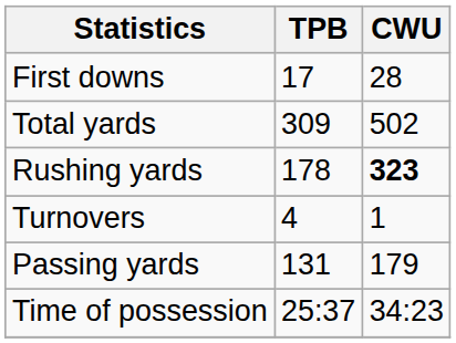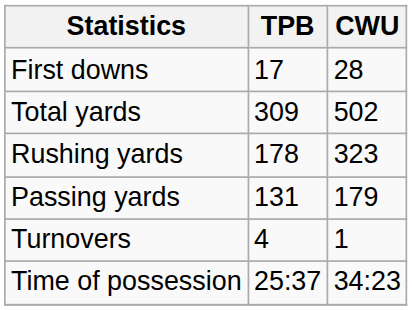 <table class="wikitable" style="float: left;">
 <tr>
 <th>Statistics</th>
 <th>TPB</th>
 <th>CWU</th>
 </tr>
 <tr>
 <td>First downs</td>
 <td>17</td>
 <td>28</td>
 </tr>
 <tr>
 <td>Total yards</td>
 <td>309</td>
 <td>502</td>
 </tr>
 <tr>
 <td>Rushing yards</td>
 <td>178</td>
-<td><strong>323</strong></td>
+<td>323</td>
+</tr>
+<tr>
+<td>Passing yards</td>
+<td>131</td>
+<td>179</td>
 </tr>
 <tr>
 <td>Turnovers</td>
 <td>4</td>
 <td>1</td>
-</tr>
-<tr>
-<td>Passing yards</td>
-<td>131</td>
-<td>179</td>
 </tr>
 <tr>
 <td>Time of possession</td>
 <td>25:37</td>
 <td>34:23</td>
 </tr>
 <tr>
 </tr>
 </table>
